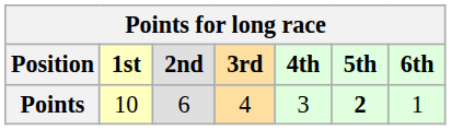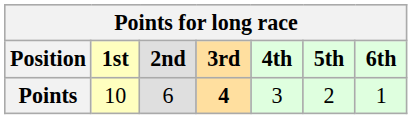 <table class="wikitable" style="font-size:85%; text-align:center">
 <tr>
 <th colspan=11>Points for long race</th>
 </tr>
 <tr>
 <th>Position</th>
 <td style="background:#ffffbf;"> <strong>1st</strong> </td>
 <td style="background:#dfdfdf;"> <strong>2nd</strong> </td>
 <td style="background:#ffdf9f;"> <strong>3rd</strong> </td>
 <td style="background:#dfffdf;"> <strong>4th</strong> </td>
 <td style="background:#dfffdf;"> <strong>5th</strong> </td>
 <td style="background:#dfffdf;"> <strong>6th</strong> </td>
 </tr>
 <tr>
 <th>Points</th>
 <td style="background:#ffffbf;">10</td>
 <td style="background:#dfdfdf;">6</td>
-<td style="background:#ffdf9f;">4</td>
+<td style="background:#ffdf9f;"><strong>4</strong></td>
 <td style="background:#dfffdf;">3</td>
-<td style="background:#dfffdf;"><strong>2</strong></td>
+<td style="background:#dfffdf;">2</td>
 <td style="background:#dfffdf;">1</td>
 </tr>
 </table>
